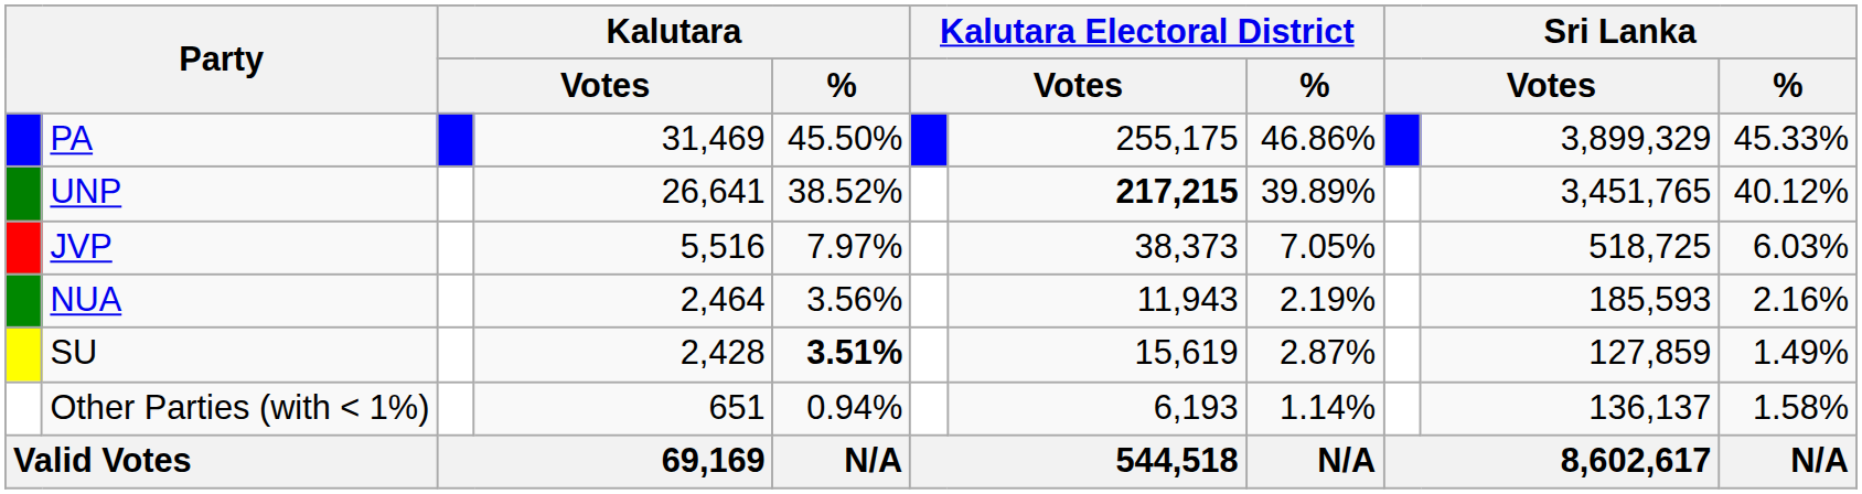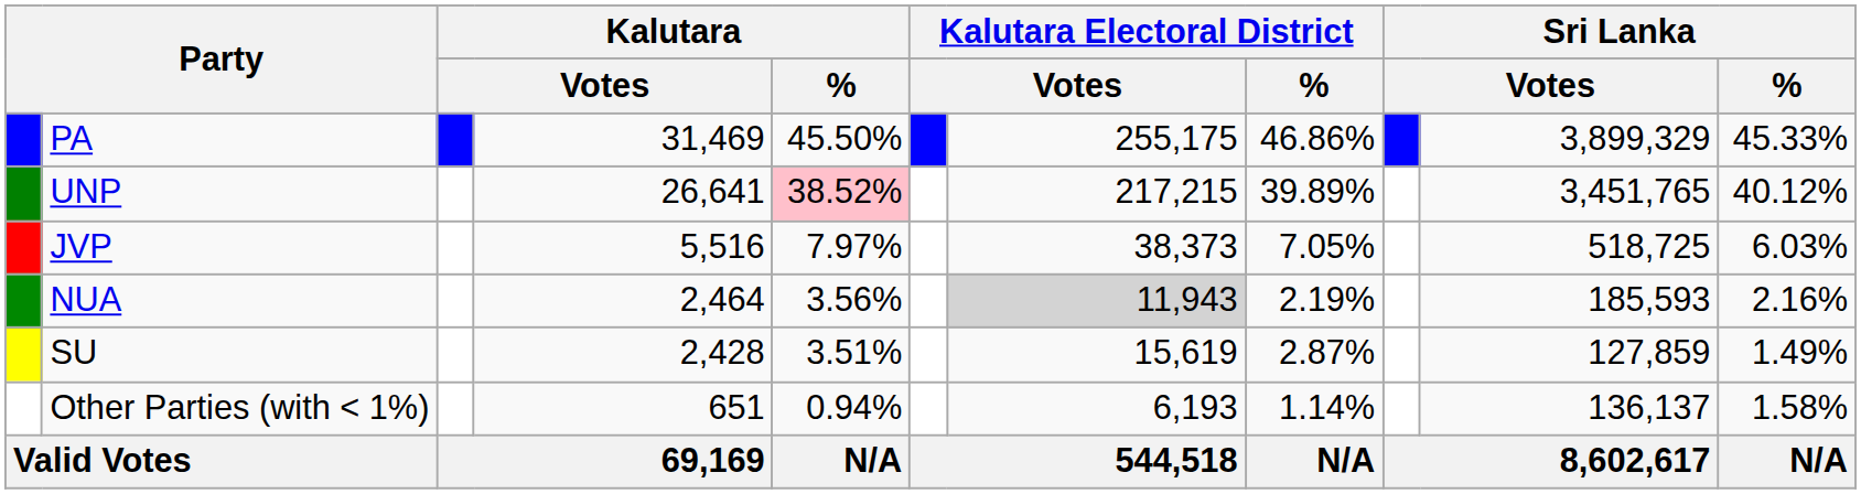 <table class="wikitable">
 <tr>
 <th colspan="2" width="144px"rowspan="2">Party</th>
 <th colspan="3" width="216px">Kalutara</th>
 <th colspan="3" width="216px"><a href='#'>Kalutara Electoral District</a></th>
 <th colspan="3" width="216px">Sri Lanka</th>
 </tr>
 <tr>
 <th colspan="2" width="144px">Votes</th>
 <th>%</th>
 <th colspan="2" width="144px">Votes</th>
 <th>%</th>
 <th colspan="2" width="144px">Votes</th>
 <th>%</th>
 </tr>
 <tr>
 <td style="background-color:blue;" width="10px"></td>
 <td style="text-align:left;"><a href='#'>PA</a></td>
 <td style="background-color:blue;" width="10px"></td>
 <td style="text-align:right;">31,469</td>
 <td style="text-align:right;">45.50%</td>
 <td style="background-color:blue;" width="10px"></td>
 <td style="text-align:right;">255,175</td>
 <td style="text-align:right;">46.86%</td>
 <td style="background-color:blue;" width="10px"></td>
 <td style="text-align:right;">3,899,329</td>
 <td style="text-align:right;">45.33%</td>
 </tr>
 <tr>
 <td style="background-color:green;" width="10px"></td>
 <td style="text-align:left;"><a href='#'>UNP</a></td>
 <td style="background-color:white;" width="10px"></td>
 <td style="text-align:right;">26,641</td>
-<td style="text-align:right;">38.52%</td>
+<td style="background: pink; text-align:right;">38.52%</td>
 <td style="background-color:white;" width="10px"></td>
-<td style="text-align:right;"><strong>217,215</strong></td>
+<td style="text-align:right;">217,215</td>
 <td style="text-align:right;">39.89%</td>
 <td style="background-color:white;" width="10px"></td>
 <td style="text-align:right;">3,451,765</td>
 <td style="text-align:right;">40.12%</td>
 </tr>
 <tr>
 <td style="background-color:red;" width="10px"></td>
 <td style="text-align:left;"><a href='#'>JVP</a></td>
 <td style="background-color:white;" width="10px"></td>
 <td style="text-align:right;">5,516</td>
 <td style="text-align:right;">7.97%</td>
 <td style="background-color:white;" width="10px"></td>
 <td style="text-align:right;">38,373</td>
 <td style="text-align:right;">7.05%</td>
 <td style="background-color:white;" width="10px"></td>
 <td style="text-align:right;">518,725</td>
 <td style="text-align:right;">6.03%</td>
 </tr>
 <tr>
 <td style="background-color:#008800;" width="10px"></td>
 <td style="text-align:left;"><a href='#'>NUA</a></td>
 <td style="background-color:white;" width="10px"></td>
 <td style="text-align:right;">2,464</td>
 <td style="text-align:right;">3.56%</td>
 <td style="background-color:white;" width="10px"></td>
-<td style="text-align:right;">11,943</td>
+<td style="background: lightgrey; text-align:right;">11,943</td>
 <td style="text-align:right;">2.19%</td>
 <td style="background-color:white;" width="10px"></td>
 <td style="text-align:right;">185,593</td>
 <td style="text-align:right;">2.16%</td>
 </tr>
 <tr>
 <td style="background-color:yellow;" width="10px"></td>
 <td style="text-align:left;">SU</td>
 <td style="background-color:white;" width="10px"></td>
 <td style="text-align:right;">2,428</td>
-<td style="text-align:right;"><strong>3.51%</strong></td>
+<td style="text-align:right;">3.51%</td>
 <td style="background-color:white;" width="10px"></td>
 <td style="text-align:right;">15,619</td>
 <td style="text-align:right;">2.87%</td>
 <td style="background-color:white;" width="10px"></td>
 <td style="text-align:right;">127,859</td>
 <td style="text-align:right;">1.49%</td>
 </tr>
 <tr>
 <td style="background-color:white;" width="10px"></td>
 <td style="text-align:left;">Other Parties (with < 1%)</td>
 <td style="background-color:white;" width="10px"></td>
 <td style="text-align:right;">651</td>
 <td style="text-align:right;">0.94%</td>
 <td style="background-color:white;" width="10px"></td>
 <td style="text-align:right;">6,193</td>
 <td style="text-align:right;">1.14%</td>
 <td style="background-color:white;" width="10px"></td>
 <td style="text-align:right;">136,137</td>
 <td style="text-align:right;">1.58%</td>
 </tr>
 <tr>
 <th colspan="2" width="144px"style="text-align:left;">Valid Votes</th>
 <th style="text-align:right;"colspan="2" width="144px">69,169</th>
 <th style="text-align:right;">N/A</th>
 <th style="text-align:right;"colspan="2" width="144px">544,518</th>
 <th style="text-align:right;">N/A</th>
 <th style="text-align:right;"colspan="2" width="144px">8,602,617</th>
 <th style="text-align:right;">N/A</th>
 </tr>
 </table>
